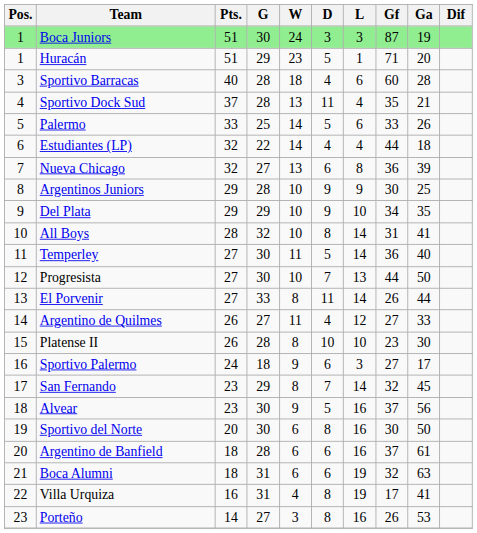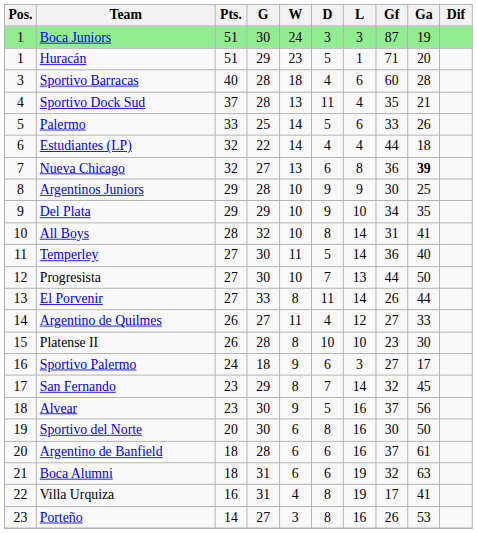 <table class="wikitable" style="text-align:center">
 <tr>
 <th width=30px>Pos.</th>
 <th width=200px>Team</th>
 <th width=30px>Pts.</th>
 <th width=30px>G</th>
 <th width=30px>W</th>
 <th width=30px>D</th>
 <th width=30px>L</th>
 <th width=30px>Gf</th>
 <th width=30px>Ga</th>
 <th width=30px>Dif</th>
 </tr>
 <tr bgcolor="lightgreen">
 <td>1</td>
 <td align="left"><a href='#'>Boca Juniors</a></td>
 <td>51</td>
 <td>30</td>
 <td>24</td>
 <td>3</td>
 <td>3</td>
 <td>87</td>
 <td>19</td>
 <td></td>
 </tr>
 <tr>
 <td>1</td>
 <td align="left"><a href='#'>Huracán</a></td>
 <td>51</td>
 <td>29</td>
 <td>23</td>
 <td>5</td>
 <td>1</td>
 <td>71</td>
 <td>20</td>
 <td></td>
 </tr>
 <tr>
 <td>3</td>
 <td align="left"><a href='#'>Sportivo Barracas</a></td>
 <td>40</td>
 <td>28</td>
 <td>18</td>
 <td>4</td>
 <td>6</td>
 <td>60</td>
 <td>28</td>
 <td></td>
 </tr>
 <tr>
 <td>4</td>
 <td align="left"><a href='#'>Sportivo Dock Sud</a></td>
 <td>37</td>
 <td>28</td>
 <td>13</td>
 <td>11</td>
 <td>4</td>
 <td>35</td>
 <td>21</td>
 <td></td>
 </tr>
 <tr>
 <td>5</td>
 <td align="left"><a href='#'>Palermo</a></td>
 <td>33</td>
 <td>25</td>
 <td>14</td>
 <td>5</td>
 <td>6</td>
 <td>33</td>
 <td>26</td>
 <td></td>
 </tr>
 <tr>
 <td>6</td>
 <td align="left"><a href='#'>Estudiantes (LP)</a></td>
 <td>32</td>
 <td>22</td>
 <td>14</td>
 <td>4</td>
 <td>4</td>
 <td>44</td>
 <td>18</td>
 <td></td>
 </tr>
 <tr>
 <td>7</td>
 <td align="left"><a href='#'>Nueva Chicago</a></td>
 <td>32</td>
 <td>27</td>
 <td>13</td>
 <td>6</td>
 <td>8</td>
 <td>36</td>
-<td>39</td>
+<td><strong>39</strong></td>
 <td></td>
 </tr>
 <tr>
 <td>8</td>
 <td align="left"><a href='#'>Argentinos Juniors</a></td>
 <td>29</td>
 <td>28</td>
 <td>10</td>
 <td>9</td>
 <td>9</td>
 <td>30</td>
 <td>25</td>
 <td></td>
 </tr>
 <tr>
 <td>9</td>
 <td align="left"><a href='#'>Del Plata</a></td>
 <td>29</td>
 <td>29</td>
 <td>10</td>
 <td>9</td>
 <td>10</td>
 <td>34</td>
 <td>35</td>
 <td></td>
 </tr>
 <tr>
 <td>10</td>
 <td align="left"><a href='#'>All Boys</a></td>
 <td>28</td>
 <td>32</td>
 <td>10</td>
 <td>8</td>
 <td>14</td>
 <td>31</td>
 <td>41</td>
 <td></td>
 </tr>
 <tr>
 <td>11</td>
 <td align="left"><a href='#'>Temperley</a></td>
 <td>27</td>
 <td>30</td>
 <td>11</td>
 <td>5</td>
 <td>14</td>
 <td>36</td>
 <td>40</td>
 <td></td>
 </tr>
 <tr>
 <td>12</td>
 <td align="left">Progresista</td>
 <td>27</td>
 <td>30</td>
 <td>10</td>
 <td>7</td>
 <td>13</td>
 <td>44</td>
 <td>50</td>
 <td></td>
 </tr>
 <tr>
 <td>13</td>
 <td align="left"><a href='#'>El Porvenir</a></td>
 <td>27</td>
 <td>33</td>
 <td>8</td>
 <td>11</td>
 <td>14</td>
 <td>26</td>
 <td>44</td>
 <td></td>
 </tr>
 <tr>
 <td>14</td>
 <td align="left"><a href='#'>Argentino de Quilmes</a></td>
 <td>26</td>
 <td>27</td>
 <td>11</td>
 <td>4</td>
 <td>12</td>
 <td>27</td>
 <td>33</td>
 <td></td>
 </tr>
 <tr>
 <td>15</td>
 <td align="left">Platense II </td>
 <td>26</td>
 <td>28</td>
 <td>8</td>
 <td>10</td>
 <td>10</td>
 <td>23</td>
 <td>30</td>
 <td></td>
 </tr>
 <tr>
 <td>16</td>
 <td align="left"><a href='#'>Sportivo Palermo</a></td>
 <td>24</td>
 <td>18</td>
 <td>9</td>
 <td>6</td>
 <td>3</td>
 <td>27</td>
 <td>17</td>
 <td></td>
 </tr>
 <tr>
 <td>17</td>
 <td align="left"><a href='#'>San Fernando</a></td>
 <td>23</td>
 <td>29</td>
 <td>8</td>
 <td>7</td>
 <td>14</td>
 <td>32</td>
 <td>45</td>
 <td></td>
 </tr>
 <tr>
 <td>18</td>
 <td align="left"><a href='#'>Alvear</a></td>
 <td>23</td>
 <td>30</td>
 <td>9</td>
 <td>5</td>
 <td>16</td>
 <td>37</td>
 <td>56</td>
 <td></td>
 </tr>
 <tr>
 <td>19</td>
 <td align="left"><a href='#'>Sportivo del Norte</a></td>
 <td>20</td>
 <td>30</td>
 <td>6</td>
 <td>8</td>
 <td>16</td>
 <td>30</td>
 <td>50</td>
 <td></td>
 </tr>
 <tr>
 <td>20</td>
 <td align="left"><a href='#'>Argentino de Banfield</a></td>
 <td>18</td>
 <td>28</td>
 <td>6</td>
 <td>6</td>
 <td>16</td>
 <td>37</td>
 <td>61</td>
 <td></td>
 </tr>
 <tr>
 <td>21</td>
 <td align="left"><a href='#'>Boca Alumni</a></td>
 <td>18</td>
 <td>31</td>
 <td>6</td>
 <td>6</td>
 <td>19</td>
 <td>32</td>
 <td>63</td>
 <td></td>
 </tr>
 <tr>
 <td>22</td>
 <td align="left">Villa Urquiza</td>
 <td>16</td>
 <td>31</td>
 <td>4</td>
 <td>8</td>
 <td>19</td>
 <td>17</td>
 <td>41</td>
 <td></td>
 </tr>
 <tr>
 <td>23</td>
 <td align="left"><a href='#'>Porteño</a></td>
 <td>14</td>
 <td>27</td>
 <td>3</td>
 <td>8</td>
 <td>16</td>
 <td>26</td>
 <td>53</td>
 <td></td>
 </tr>
 <tr>
 </tr>
 </table>
